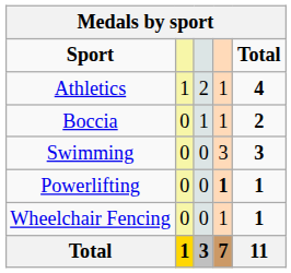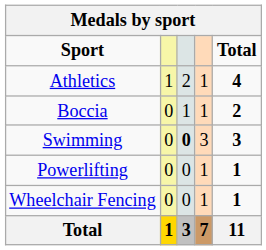 <table class=wikitable style="font-size:90%; float:right">
 <tr bgcolor=efefef>
 <th colspan=5><strong>Medals by sport</strong></th>
 </tr>
 <tr style="text-align:center;">
 <td><strong>Sport</strong></td>
 <td style="background:#f7f6a8;"></td>
 <td style="background:#dce5e5;"></td>
 <td style="background:#ffdab9;"></td>
 <td><strong>Total</strong></td>
 </tr>
 <tr style="text-align:center;">
 <td><a href='#'>Athletics</a></td>
 <td style="background:#F7F6A8;">1</td>
 <td style="background:#DCE5E5;">2</td>
 <td style="background:#FFDAB9;">1</td>
 <td><strong>4</strong></td>
 </tr>
 <tr style="text-align:center;">
 <td><a href='#'>Boccia</a></td>
 <td style="background:#F7F6A8;">0</td>
 <td style="background:#DCE5E5;">1</td>
 <td style="background:#FFDAB9;">1</td>
 <td><strong>2</strong></td>
 </tr>
 <tr style="text-align:center;">
 <td><a href='#'>Swimming</a></td>
 <td style="background:#F7F6A8;">0</td>
-<td style="background:#DCE5E5;">0</td>
+<td style="background:#DCE5E5;"><strong>0</strong></td>
 <td style="background:#FFDAB9;">3</td>
 <td><strong>3</strong></td>
 </tr>
 <tr style="text-align:center;">
 <td><a href='#'>Powerlifting</a></td>
 <td style="background:#F7F6A8;">0</td>
 <td style="background:#DCE5E5;">0</td>
-<td style="background:#FFDAB9;"><strong>1</strong></td>
+<td style="background:#FFDAB9;">1</td>
 <td><strong>1</strong></td>
 </tr>
 <tr style="text-align:center;">
 <td><a href='#'>Wheelchair Fencing</a></td>
 <td style="background:#F7F6A8;">0</td>
 <td style="background:#DCE5E5;">0</td>
 <td style="background:#FFDAB9;">1</td>
 <td><strong>1</strong></td>
 </tr>
 <tr style="text-align:center;">
 <th><strong>Total</strong></th>
 <th style="background:gold;"><strong>1</strong></th>
 <th style="background:silver;"><strong>3</strong></th>
 <th style="background:#c96;"><strong>7</strong></th>
 <th><strong>11</strong></th>
 </tr>
 </table>
